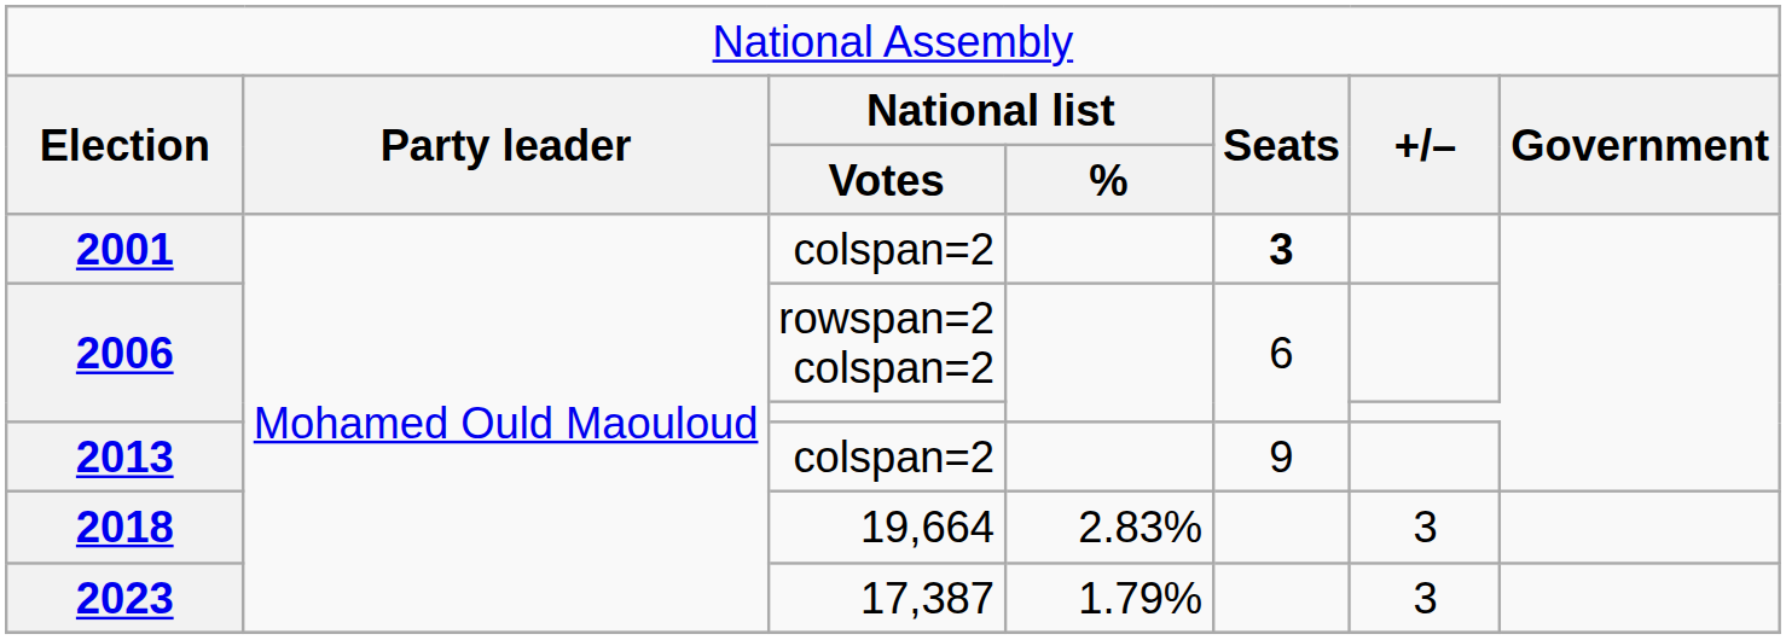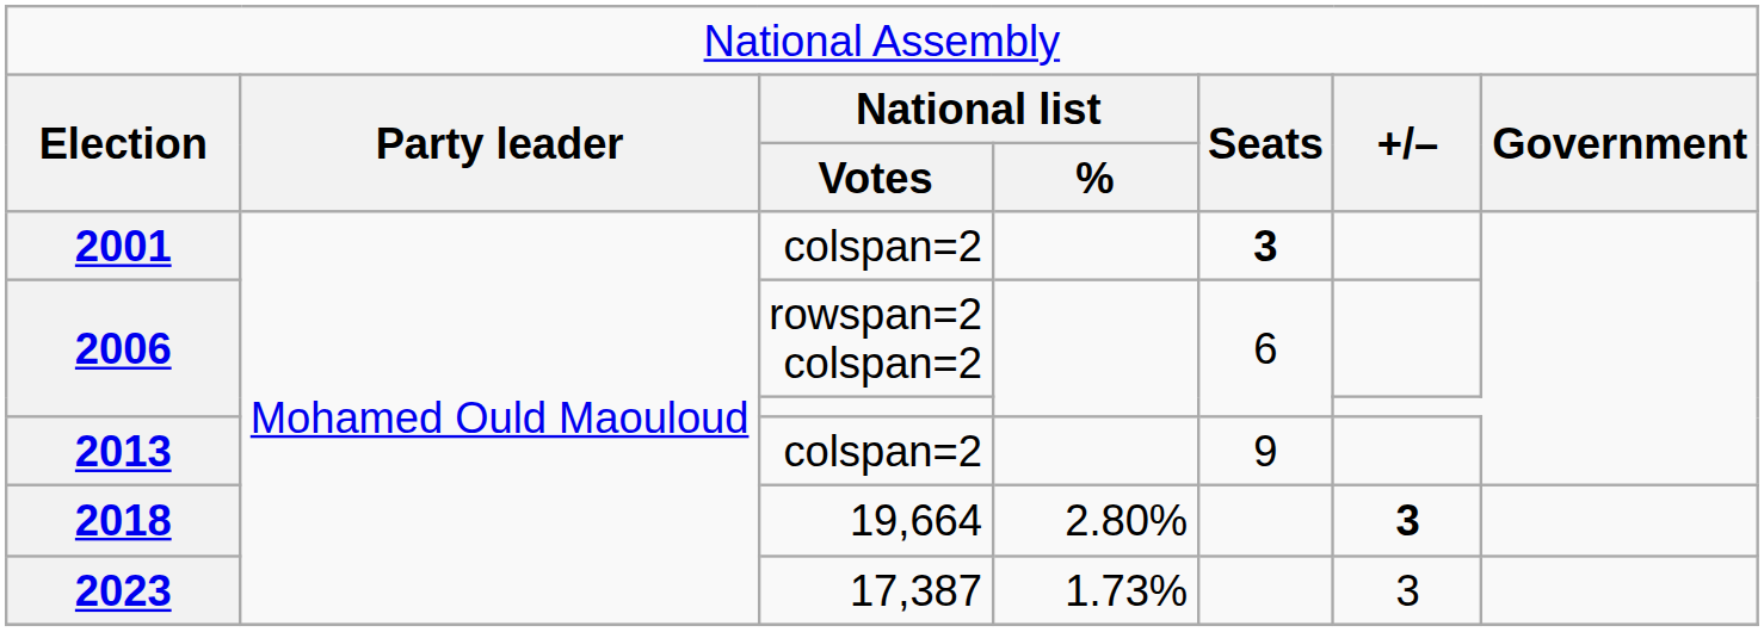 <table class="wikitable" style="text-align:right;font-size:95%;">
 <tr>
 <td colspan="7" align="center"><a href='#'>National Assembly</a></td>
 </tr>
 <tr>
 <th rowspan="2" width="75">Election</th>
 <th rowspan="2">Party leader</th>
 <th colspan="2">National list</th>
 <th rowspan="2">Seats</th>
 <th rowspan="2" width="45">+/–</th>
 <th rowspan="2">Government</th>
 </tr>
 <tr>
 <th width="70">Votes</th>
 <th width="65">%</th>
 </tr>
 <tr>
 <th><a href='#'>2001</a></th>
 <td rowspan="6" align="left"><a href='#'>Mohamed Ould Maouloud</a></td>
 <td>colspan=2 </td>
 <td></td>
 <td style="text-align:center;"><strong> 3</strong></td>
 <td></td>
 </tr>
 <tr>
 <th rowspan=2><a href='#'>2006</a></th>
 <td>rowspan=2 colspan=2 </td>
 <td rowspan=2></td>
 <td style="text-align:center;" rowspan=2> 6</td>
 <td></td>
 </tr>
 <tr>
 <td></td>
 </tr>
 <tr>
 <th><a href='#'>2013</a></th>
 <td>colspan=2 </td>
 <td></td>
 <td style="text-align:center;"> 9</td>
 <td></td>
 </tr>
 <tr>
 <th><a href='#'>2018</a></th>
 <td>19,664</td>
-<td>2.83%</td>
+<td>2.80%</td>
 <td></td>
-<td style="text-align:center;"> 3</td>
+<td style="text-align:center;"><strong> 3</strong></td>
 <td></td>
 </tr>
 <tr>
 <th><a href='#'>2023</a></th>
 <td>17,387</td>
-<td>1.79%</td>
+<td>1.73%</td>
 <td></td>
 <td style="text-align:center;"> 3</td>
 <td></td>
 </tr>
 <tr>
 </tr>
 </table>
